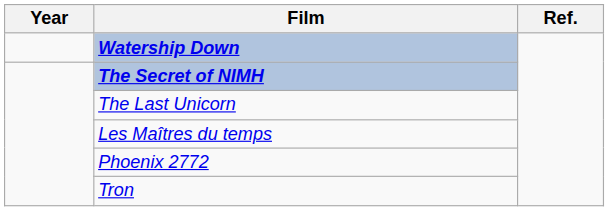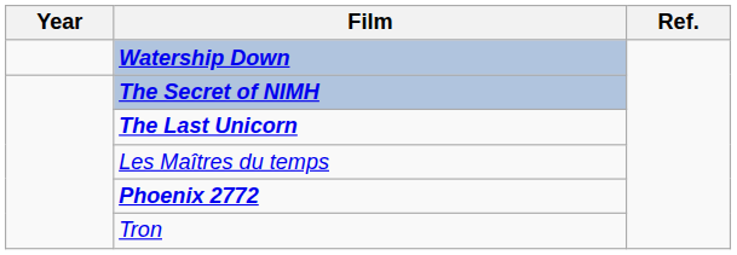 <table class="wikitable" border="1" width="42%">
 <tr>
 <th width=7%>Year</th>
 <th width=35%>Film</th>
 <th width=7%>Ref.</th>
 </tr>
 <tr>
 <td></td>
 <td style="background:#B0C4DE;"><strong><em><a href='#'>Watership Down</a></em></strong></td>
 </tr>
 <tr>
 <td rowspan=6></td>
 <td style="background:#B0C4DE;"><strong><em><a href='#'>The Secret of NIMH</a></em></strong></td>
 </tr>
 <tr>
-<td><em><a href='#'>The Last Unicorn</a></em></td>
+<td><strong><em><a href='#'>The Last Unicorn</a></em></strong></td>
 </tr>
 <tr>
 <td><em><a href='#'>Les Maîtres du temps</a></em></td>
 </tr>
 <tr>
-<td><em><a href='#'>Phoenix 2772</a></em></td>
+<td><strong><em><a href='#'>Phoenix 2772</a></em></strong></td>
 </tr>
 <tr>
 <td><em><a href='#'>Tron</a></em></td>
 </tr>
 </table>
